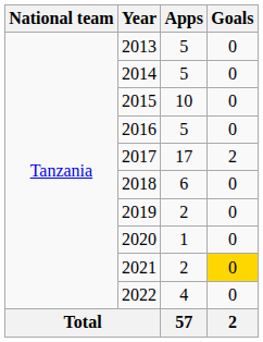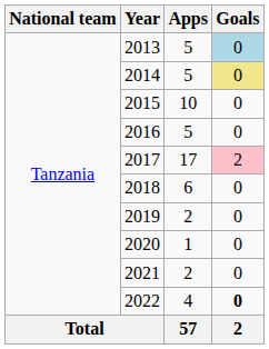 <table class="wikitable" style="text-align:center">
 <tr>
 <th>National team</th>
 <th>Year</th>
 <th>Apps</th>
 <th>Goals</th>
 </tr>
 <tr>
 <td rowspan="10"><a href='#'>Tanzania</a></td>
 <td>2013</td>
 <td>5</td>
-<td>0</td>
+<td style="background: lightblue;">0</td>
 </tr>
 <tr>
 <td>2014</td>
 <td>5</td>
-<td>0</td>
+<td style="background: khaki;">0</td>
 </tr>
 <tr>
 <td>2015</td>
 <td>10</td>
 <td>0</td>
 </tr>
 <tr>
 <td>2016</td>
 <td>5</td>
 <td>0</td>
 </tr>
 <tr>
 <td>2017</td>
 <td>17</td>
-<td>2</td>
+<td style="background: pink;">2</td>
 </tr>
 <tr>
 <td>2018</td>
 <td>6</td>
 <td>0</td>
 </tr>
 <tr>
 <td>2019</td>
 <td>2</td>
 <td>0</td>
 </tr>
 <tr>
 <td>2020</td>
 <td>1</td>
 <td>0</td>
 </tr>
 <tr>
 <td>2021</td>
 <td>2</td>
-<td style="background: gold;">0</td>
+<td>0</td>
 </tr>
 <tr>
 <td>2022</td>
 <td>4</td>
-<td>0</td>
+<td><strong>0</strong></td>
 </tr>
 <tr>
 <th colspan=2>Total</th>
 <th>57</th>
 <th>2</th>
 </tr>
 </table>
